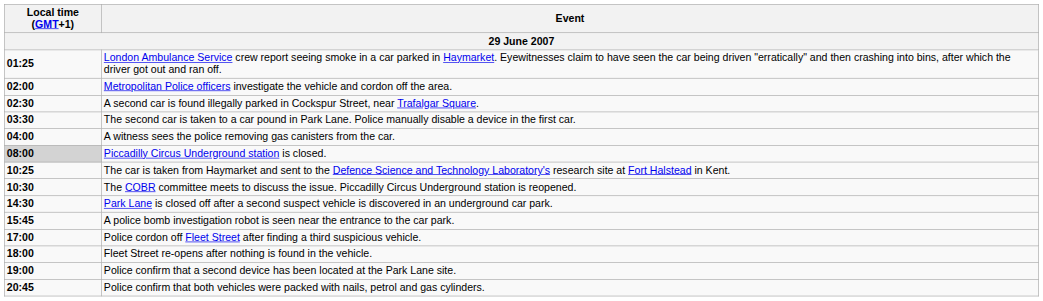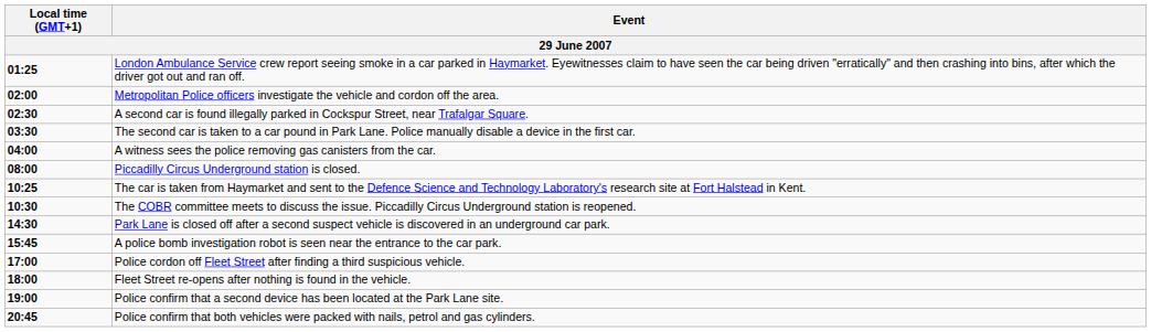 <table class="wikitable">
 <tr>
 <th>Local time (<a href='#'>GMT</a>+1)</th>
 <th>Event</th>
 </tr>
 <tr>
 <th colspan=3 style="text-align:center">29 June 2007</th>
 </tr>
 <tr>
 <td><strong>01:25</strong></td>
 <td><a href='#'>London Ambulance Service</a> crew report seeing smoke in a car parked in <a href='#'>Haymarket</a>. Eyewitnesses claim to have seen the car being driven "erratically" and then crashing into bins, after which the driver got out and ran off.</td>
 </tr>
 <tr>
 <td><strong>02:00</strong></td>
 <td><a href='#'>Metropolitan Police officers</a> investigate the vehicle and cordon off the area.</td>
 </tr>
 <tr>
 <td><strong>02:30</strong></td>
 <td>A second car is found illegally parked in Cockspur Street, near <a href='#'>Trafalgar Square</a>.</td>
 </tr>
 <tr>
 <td><strong>03:30</strong></td>
 <td>The second car is taken to a car pound in Park Lane. Police manually disable a device in the first car.</td>
 </tr>
 <tr>
 <td><strong>04:00</strong></td>
 <td>A witness sees the police removing gas canisters from the car.</td>
 </tr>
 <tr>
-<td style="background: lightgrey;"><strong>08:00</strong></td>
+<td><strong>08:00</strong></td>
 <td><a href='#'>Piccadilly Circus Underground station</a> is closed.</td>
 </tr>
 <tr>
 <td><strong>10:25</strong></td>
 <td>The car is taken from Haymarket and sent to the <a href='#'>Defence Science and Technology Laboratory's</a> research site at <a href='#'>Fort Halstead</a> in Kent.</td>
 </tr>
 <tr>
 <td><strong>10:30</strong></td>
 <td>The <a href='#'>COBR</a> committee meets to discuss the issue. Piccadilly Circus Underground station is reopened.</td>
 </tr>
 <tr>
 <td><strong>14:30</strong></td>
 <td><a href='#'>Park Lane</a> is closed off after a second suspect vehicle is discovered in an underground car park.</td>
 </tr>
 <tr>
 <td><strong>15:45</strong></td>
 <td>A police bomb investigation robot is seen near the entrance to the car park.</td>
 </tr>
 <tr>
 <td><strong>17:00</strong></td>
 <td>Police cordon off <a href='#'>Fleet Street</a> after finding a third suspicious vehicle.</td>
 </tr>
 <tr>
 <td><strong>18:00</strong></td>
 <td>Fleet Street re-opens after nothing is found in the vehicle.</td>
 </tr>
 <tr>
 <td><strong>19:00</strong></td>
 <td>Police confirm that a second device has been located at the Park Lane site.</td>
 </tr>
 <tr>
 <td><strong>20:45</strong></td>
 <td>Police confirm that both vehicles were packed with nails, petrol and gas cylinders.</td>
 </tr>
 </table>
